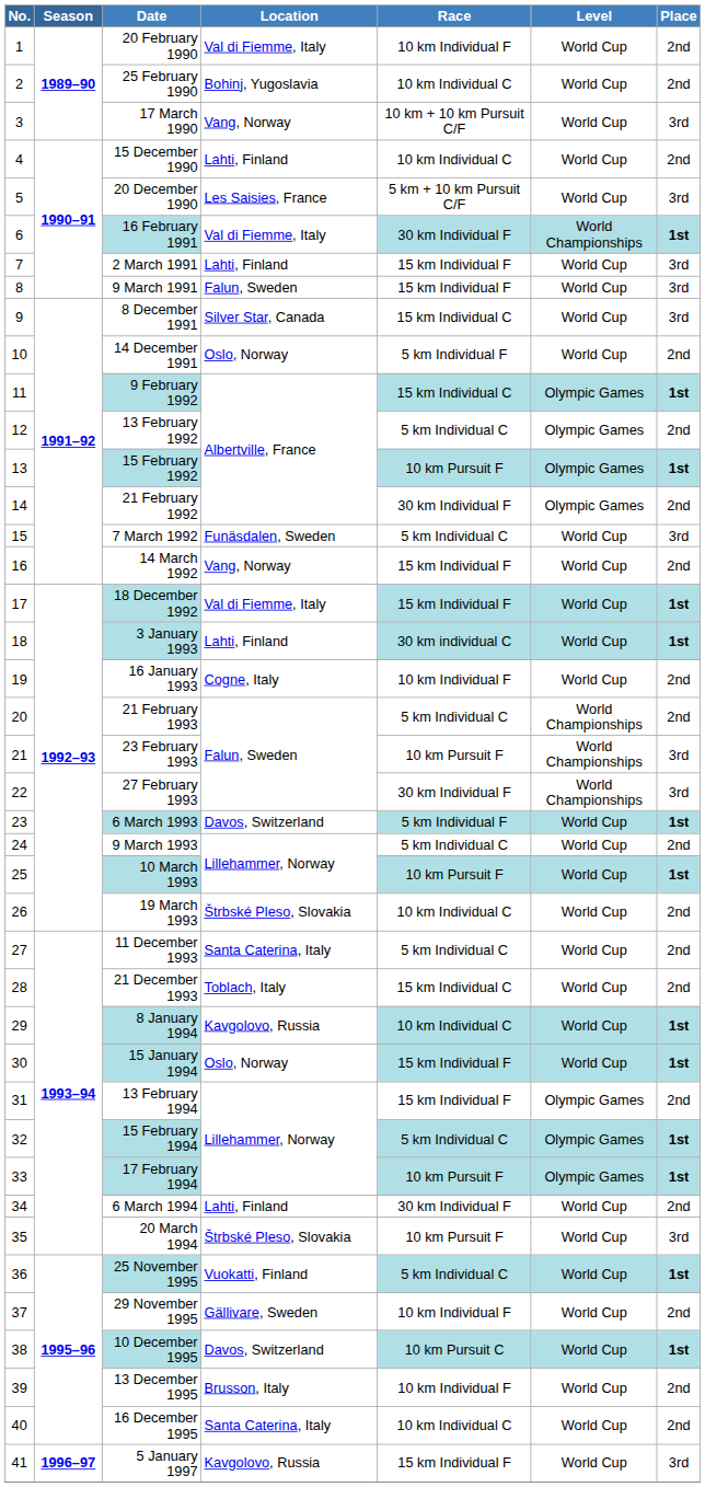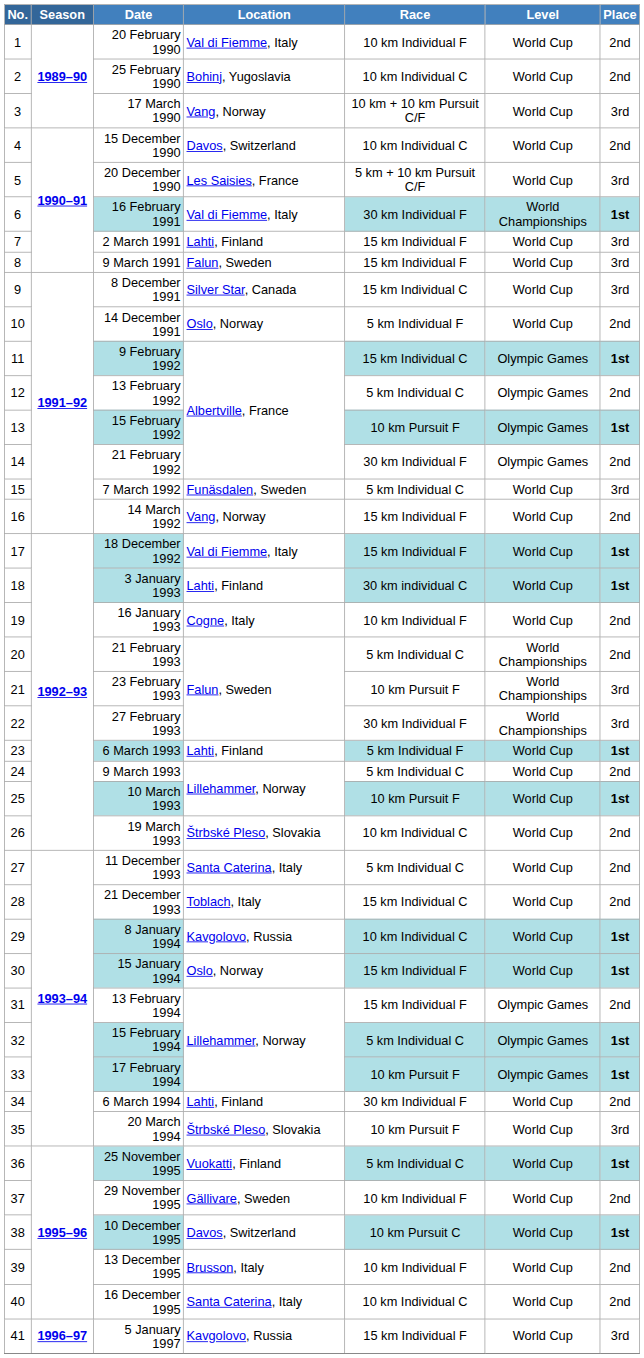 <table class="wikitable sortable" style="font-size:95%; text-align:center; border:grey solid 1px; border-collapse:collapse; background:#ffffff;">
 <tr style="background:#efefef;">
 <th style="background-color:#369; color:white;">No.</th>
 <th style="background-color:#369; color:white;">Season</th>
 <th style="background-color:#4180be; color:white; width:100px;">Date</th>
 <th style="background-color:#4180be; color:white; width:185px;">Location</th>
 <th style="background-color:#4180be; color:white; width:160px;">Race</th>
 <th style="background-color:#4180be; color:white; width:130px;">Level</th>
 <th style="background-color:#4180be; color:white;">Place</th>
 </tr>
 <tr>
 <td align=center>1</td>
 <td rowspan=3 align=center><strong> <a href='#'>1989–90</a> </strong></td>
 <td align=right>20 February 1990</td>
 <td align=left> <a href='#'>Val di Fiemme</a>, Italy</td>
 <td>10 km Individual F</td>
 <td>World Cup</td>
 <td>2nd</td>
 </tr>
 <tr>
 <td align=center>2</td>
 <td align=right>25 February 1990</td>
 <td align=left> <a href='#'>Bohinj</a>, Yugoslavia</td>
 <td>10 km Individual C</td>
 <td>World Cup</td>
 <td>2nd</td>
 </tr>
 <tr>
 <td align=center>3</td>
 <td align=right>17 March 1990</td>
 <td align=left> <a href='#'>Vang</a>, Norway</td>
 <td>10 km + 10 km Pursuit C/F</td>
 <td>World Cup</td>
 <td>3rd</td>
 </tr>
 <tr>
 <td align=center>4</td>
 <td rowspan=5 align=center><strong> <a href='#'>1990–91</a> </strong></td>
 <td align=right>15 December 1990</td>
-<td align=left> <a href='#'>Lahti</a>, Finland</td>
+<td align=left> <a href='#'>Davos</a>, Switzerland</td>
 <td>10 km Individual C</td>
 <td>World Cup</td>
 <td>2nd</td>
 </tr>
 <tr>
 <td align=center>5</td>
 <td align=right>20 December 1990</td>
 <td align=left> <a href='#'>Les Saisies</a>, France</td>
 <td>5 km + 10 km Pursuit C/F</td>
 <td>World Cup</td>
 <td>3rd</td>
 </tr>
 <tr>
 <td align=center>6</td>
 <td bgcolor="#BOEOE6" align=right>16 February 1991</td>
 <td align=left> <a href='#'>Val di Fiemme</a>, Italy</td>
 <td bgcolor="#BOEOE6">30 km Individual F</td>
 <td bgcolor="#BOEOE6">World Championships</td>
 <td bgcolor="#BOEOE6"><strong>1st</strong></td>
 </tr>
 <tr>
 <td align=center>7</td>
 <td align=right>2 March 1991</td>
 <td align=left> <a href='#'>Lahti</a>, Finland</td>
 <td>15 km Individual F</td>
 <td>World Cup</td>
 <td>3rd</td>
 </tr>
 <tr>
 <td align=center>8</td>
 <td align=right>9 March 1991</td>
 <td align=left> <a href='#'>Falun</a>, Sweden</td>
 <td>15 km Individual F</td>
 <td>World Cup</td>
 <td>3rd</td>
 </tr>
 <tr>
 <td align=center>9</td>
 <td rowspan=8 align=center><strong> <a href='#'>1991–92</a> </strong></td>
 <td align=right>8 December 1991</td>
 <td align=left> <a href='#'>Silver Star</a>, Canada</td>
 <td>15 km Individual C</td>
 <td>World Cup</td>
 <td>3rd</td>
 </tr>
 <tr>
 <td align=center>10</td>
 <td align=right>14 December 1991</td>
 <td align=left> <a href='#'>Oslo</a>, Norway</td>
 <td>5 km Individual F</td>
 <td>World Cup</td>
 <td>2nd</td>
 </tr>
 <tr>
 <td align=center>11</td>
 <td bgcolor="#BOEOE6" align=right>9 February 1992</td>
 <td rowspan=4 align=left> <a href='#'>Albertville</a>, France</td>
 <td bgcolor="#BOEOE6">15 km Individual C</td>
 <td bgcolor="#BOEOE6">Olympic Games</td>
 <td bgcolor="#BOEOE6"><strong>1st</strong></td>
 </tr>
 <tr>
 <td align=center>12</td>
 <td align=right>13 February 1992</td>
 <td>5 km Individual C</td>
 <td>Olympic Games</td>
 <td>2nd</td>
 </tr>
 <tr>
 <td align=center>13</td>
 <td bgcolor="#BOEOE6" align=right>15 February 1992</td>
 <td bgcolor="#BOEOE6">10 km Pursuit F</td>
 <td bgcolor="#BOEOE6">Olympic Games</td>
 <td bgcolor="#BOEOE6"><strong>1st</strong></td>
 </tr>
 <tr>
 <td align=center>14</td>
 <td align=right>21 February 1992</td>
 <td>30 km Individual F</td>
 <td>Olympic Games</td>
 <td>2nd</td>
 </tr>
 <tr>
 <td align=center>15</td>
 <td align=right>7 March 1992</td>
 <td align=left> <a href='#'>Funäsdalen</a>, Sweden</td>
 <td>5 km Individual C</td>
 <td>World Cup</td>
 <td>3rd</td>
 </tr>
 <tr>
 <td align=center>16</td>
 <td align=right>14 March 1992</td>
 <td align=left> <a href='#'>Vang</a>, Norway</td>
 <td>15 km Individual F</td>
 <td>World Cup</td>
 <td>2nd</td>
 </tr>
 <tr>
 <td align=center>17</td>
 <td rowspan=10 align=center><strong><a href='#'>1992–93</a></strong></td>
 <td bgcolor="#BOEOE6" align=right>18 December 1992</td>
 <td align=left> <a href='#'>Val di Fiemme</a>, Italy</td>
 <td bgcolor="#BOEOE6">15 km Individual F</td>
 <td bgcolor="#BOEOE6">World Cup</td>
 <td bgcolor="#BOEOE6"><strong>1st</strong></td>
 </tr>
 <tr>
 <td align=center>18</td>
 <td bgcolor="#BOEOE6" align=right>3 January 1993</td>
 <td align=left> <a href='#'>Lahti</a>, Finland</td>
 <td bgcolor="#BOEOE6">30 km individual C</td>
 <td bgcolor="#BOEOE6">World Cup</td>
 <td bgcolor="#BOEOE6"><strong>1st</strong></td>
 </tr>
 <tr>
 <td align=center>19</td>
 <td align=right>16 January 1993</td>
 <td align=left> <a href='#'>Cogne</a>, Italy</td>
 <td>10 km Individual F</td>
 <td>World Cup</td>
 <td>2nd</td>
 </tr>
 <tr>
 <td align=center>20</td>
 <td align=right>21 February 1993</td>
 <td rowspan=3 align=left> <a href='#'>Falun</a>, Sweden</td>
 <td>5 km Individual C</td>
 <td>World Championships</td>
 <td>2nd</td>
 </tr>
 <tr>
 <td align=center>21</td>
 <td align=right>23 February 1993</td>
 <td>10 km Pursuit F</td>
 <td>World Championships</td>
 <td>3rd</td>
 </tr>
 <tr>
 <td align=center>22</td>
 <td align=right>27 February 1993</td>
 <td>30 km Individual F</td>
 <td>World Championships</td>
 <td>3rd</td>
 </tr>
 <tr>
 <td align=center>23</td>
 <td bgcolor="#BOEOE6" align=right>6 March 1993</td>
-<td align=left> <a href='#'>Davos</a>, Switzerland</td>
+<td align=left> <a href='#'>Lahti</a>, Finland</td>
 <td bgcolor="#BOEOE6">5 km Individual F</td>
 <td bgcolor="#BOEOE6">World Cup</td>
 <td bgcolor="#BOEOE6"><strong>1st</strong></td>
 </tr>
 <tr>
 <td align=center>24</td>
 <td align=right>9 March 1993</td>
 <td rowspan=2 align=left> <a href='#'>Lillehammer</a>, Norway</td>
 <td>5 km Individual C</td>
 <td>World Cup</td>
 <td>2nd</td>
 </tr>
 <tr>
 <td align=center>25</td>
 <td bgcolor="#BOEOE6" align=right>10 March 1993</td>
 <td bgcolor="#BOEOE6">10 km Pursuit F</td>
 <td bgcolor="#BOEOE6">World Cup</td>
 <td bgcolor="#BOEOE6"><strong>1st</strong></td>
 </tr>
 <tr>
 <td align=center>26</td>
 <td align=right>19 March 1993</td>
 <td align=left> <a href='#'>Štrbské Pleso</a>, Slovakia</td>
 <td>10 km Individual C</td>
 <td>World Cup</td>
 <td>2nd</td>
 </tr>
 <tr>
 <td align=center>27</td>
 <td rowspan=9 align=center><strong> <a href='#'>1993–94</a> </strong></td>
 <td align=right>11 December 1993</td>
 <td align=left> <a href='#'>Santa Caterina</a>, Italy</td>
 <td>5 km Individual C</td>
 <td>World Cup</td>
 <td>2nd</td>
 </tr>
 <tr>
 <td align=center>28</td>
 <td align=right>21 December 1993</td>
 <td align=left> <a href='#'>Toblach</a>, Italy</td>
 <td>15 km Individual C</td>
 <td>World Cup</td>
 <td>2nd</td>
 </tr>
 <tr>
 <td align=center>29</td>
 <td bgcolor="#BOEOE6" align=right>8 January 1994</td>
 <td align=left> <a href='#'>Kavgolovo</a>, Russia</td>
 <td bgcolor="#BOEOE6">10 km Individual C</td>
 <td bgcolor="#BOEOE6">World Cup</td>
 <td bgcolor="#BOEOE6"><strong>1st</strong></td>
 </tr>
 <tr>
 <td align=center>30</td>
 <td bgcolor="#BOEOE6" align=right>15 January 1994</td>
 <td align=left> <a href='#'>Oslo</a>, Norway</td>
 <td bgcolor="#BOEOE6">15 km Individual F</td>
 <td bgcolor="#BOEOE6">World Cup</td>
 <td bgcolor="#BOEOE6"><strong>1st</strong></td>
 </tr>
 <tr>
 <td align=center>31</td>
 <td align=right>13 February 1994</td>
 <td rowspan=3 align=left> <a href='#'>Lillehammer</a>, Norway</td>
 <td>15 km Individual F</td>
 <td>Olympic Games</td>
 <td>2nd</td>
 </tr>
 <tr>
 <td align=center>32</td>
 <td bgcolor="#BOEOE6" align=right>15 February 1994</td>
 <td bgcolor="#BOEOE6">5 km Individual C</td>
 <td bgcolor="#BOEOE6">Olympic Games</td>
 <td bgcolor="#BOEOE6"><strong>1st</strong></td>
 </tr>
 <tr>
 <td align=center>33</td>
 <td bgcolor="#BOEOE6" align=right>17 February 1994</td>
 <td bgcolor="#BOEOE6">10 km Pursuit F</td>
 <td bgcolor="#BOEOE6">Olympic Games</td>
 <td bgcolor="#BOEOE6"><strong>1st</strong></td>
 </tr>
 <tr>
 <td align=center>34</td>
 <td align=right>6 March 1994</td>
 <td align=left> <a href='#'>Lahti</a>, Finland</td>
 <td>30 km Individual F</td>
 <td>World Cup</td>
 <td>2nd</td>
 </tr>
 <tr>
 <td align=center>35</td>
 <td align=right>20 March 1994</td>
 <td align=left> <a href='#'>Štrbské Pleso</a>, Slovakia</td>
 <td>10 km Pursuit F</td>
 <td>World Cup</td>
 <td>3rd</td>
 </tr>
 <tr>
 <td align=center>36</td>
 <td rowspan=5 align=center><strong><a href='#'>1995–96</a></strong></td>
 <td bgcolor="#BOEOE6" align=right>25 November 1995</td>
 <td align=left> <a href='#'>Vuokatti</a>, Finland</td>
 <td bgcolor="#BOEOE6">5 km Individual C</td>
 <td bgcolor="#BOEOE6">World Cup</td>
 <td bgcolor="#BOEOE6"><strong>1st</strong></td>
 </tr>
 <tr>
 <td align=center>37</td>
 <td align=right>29 November 1995</td>
 <td align=left> <a href='#'>Gällivare</a>, Sweden</td>
 <td>10 km Individual F</td>
 <td>World Cup</td>
 <td>2nd</td>
 </tr>
 <tr>
 <td align=center>38</td>
 <td bgcolor="#BOEOE6" align=right>10 December 1995</td>
 <td align=left> <a href='#'>Davos</a>, Switzerland</td>
 <td bgcolor="#BOEOE6">10 km Pursuit C</td>
 <td bgcolor="#BOEOE6">World Cup</td>
 <td bgcolor="#BOEOE6"><strong>1st</strong></td>
 </tr>
 <tr>
 <td align=center>39</td>
 <td align=right>13 December 1995</td>
 <td align=left> <a href='#'>Brusson</a>, Italy</td>
 <td>10 km Individual F</td>
 <td>World Cup</td>
 <td>2nd</td>
 </tr>
 <tr>
 <td align=center>40</td>
 <td align=right>16 December 1995</td>
 <td align=left> <a href='#'>Santa Caterina</a>, Italy</td>
 <td>10 km Individual C</td>
 <td>World Cup</td>
 <td>2nd</td>
 </tr>
 <tr>
 <td align=center>41</td>
 <td rowspan=1 align=center><strong> <a href='#'>1996–97</a> </strong></td>
 <td align=right>5 January 1997</td>
 <td align=left> <a href='#'>Kavgolovo</a>, Russia</td>
 <td>15 km Individual F</td>
 <td>World Cup</td>
 <td>3rd</td>
 </tr>
 <tr>
 </tr>
 </table>
